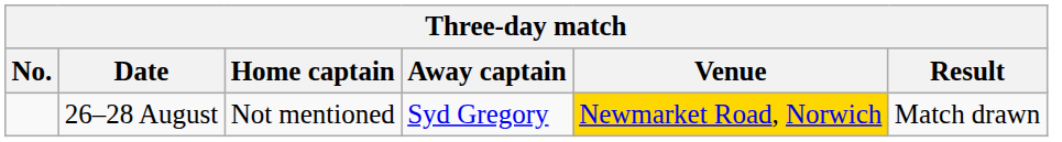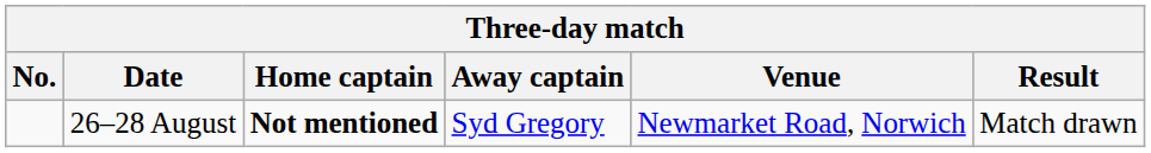 <table class="wikitable">
 <tr>
 <th colspan="9">Three-day match</th>
 </tr>
 <tr>
 <th>No.</th>
 <th>Date</th>
 <th>Home captain</th>
 <th>Away captain</th>
 <th>Venue</th>
 <th>Result</th>
 </tr>
 <tr>
 <td></td>
 <td>26–28 August</td>
-<td>Not mentioned</td>
+<td><strong>Not mentioned</strong></td>
 <td><a href='#'>Syd Gregory</a></td>
-<td style="background: gold;"><a href='#'>Newmarket Road</a>, <a href='#'>Norwich</a></td>
+<td><a href='#'>Newmarket Road</a>, <a href='#'>Norwich</a></td>
 <td>Match drawn</td>
 </tr>
 </table>
